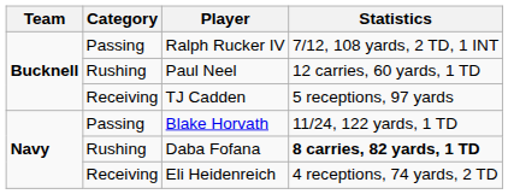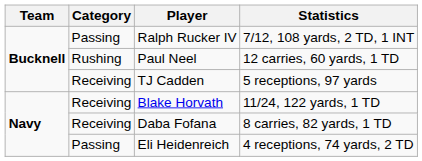 <table class="wikitable" style="float: right;">
 <tr>
 <th>Team</th>
 <th>Category</th>
 <th>Player</th>
 <th>Statistics</th>
 </tr>
 <tr>
 <td rowspan=3><strong>Bucknell</strong></td>
 <td>Passing</td>
 <td>Ralph Rucker IV</td>
 <td>7/12, 108 yards, 2 TD, 1 INT</td>
 </tr>
 <tr>
 <td>Rushing</td>
 <td>Paul Neel</td>
 <td>12 carries, 60 yards, 1 TD</td>
 </tr>
 <tr>
 <td>Receiving</td>
 <td>TJ Cadden</td>
 <td>5 receptions, 97 yards</td>
 </tr>
 <tr>
 <td rowspan=3><strong>Navy</strong></td>
-<td>Passing</td>
+<td>Receiving</td>
 <td><a href='#'>Blake Horvath</a></td>
 <td>11/24, 122 yards, 1 TD</td>
 </tr>
 <tr>
-<td>Rushing</td>
+<td>Receiving</td>
 <td>Daba Fofana</td>
-<td><strong>8 carries, 82 yards, 1 TD</strong></td>
+<td>8 carries, 82 yards, 1 TD</td>
 </tr>
 <tr>
-<td>Receiving</td>
+<td>Passing</td>
 <td>Eli Heidenreich</td>
 <td>4 receptions, 74 yards, 2 TD</td>
 </tr>
 </table>
